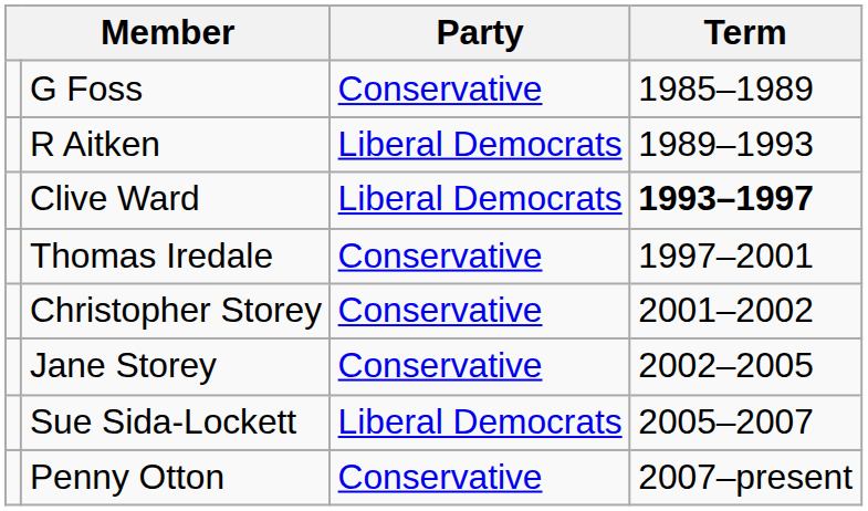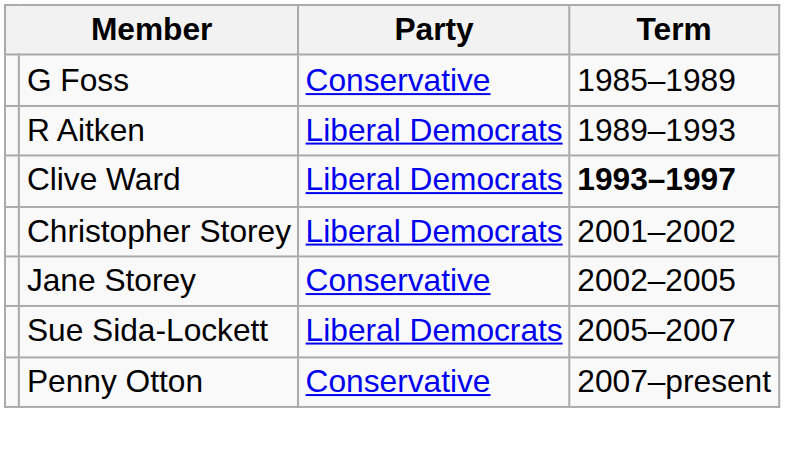 <table class="wikitable">
 <tr>
 <th colspan="2">Member</th>
 <th>Party</th>
 <th>Term</th>
 </tr>
 <tr>
 <td style="background-color: "></td>
 <td>G Foss</td>
 <td><a href='#'>Conservative</a></td>
 <td>1985–1989</td>
 </tr>
 <tr>
 <td style="background-color: "></td>
 <td>R Aitken</td>
 <td><a href='#'>Liberal Democrats</a></td>
 <td>1989–1993</td>
 </tr>
 <tr>
 <td style="background-color: "></td>
 <td>Clive Ward</td>
 <td><a href='#'>Liberal Democrats</a></td>
 <td><strong>1993–1997</strong></td>
 </tr>
 <tr>
 <td style="background-color: "></td>
-<td>Thomas Iredale</td>
-<td><a href='#'>Conservative</a></td>
-<td>1997–2001</td>
-</tr>
-<tr>
-<td style="background-color: "></td>
 <td>Christopher Storey</td>
-<td><a href='#'>Conservative</a></td>
+<td><a href='#'>Liberal Democrats</a></td>
 <td>2001–2002</td>
 </tr>
 <tr>
 <td style="background-color: "></td>
 <td>Jane Storey</td>
 <td><a href='#'>Conservative</a></td>
 <td>2002–2005</td>
 </tr>
 <tr>
 <td style="background-color: "></td>
 <td>Sue Sida-Lockett</td>
 <td><a href='#'>Liberal Democrats</a></td>
 <td>2005–2007</td>
 </tr>
 <tr>
 <td style="background-color: "></td>
 <td>Penny Otton</td>
 <td><a href='#'>Conservative</a></td>
 <td>2007–present</td>
 </tr>
 </table>
